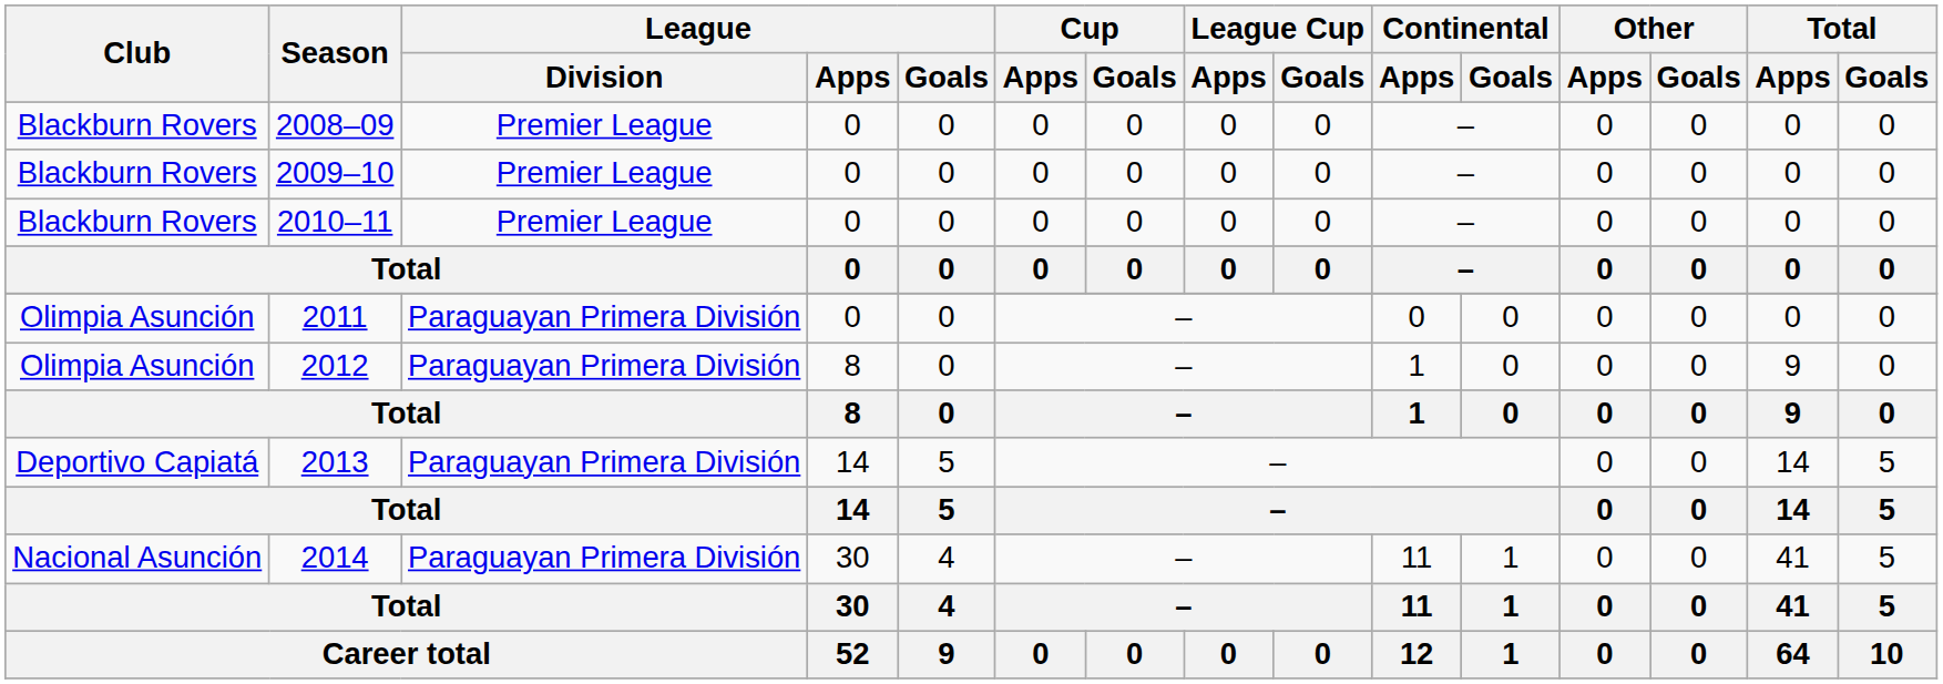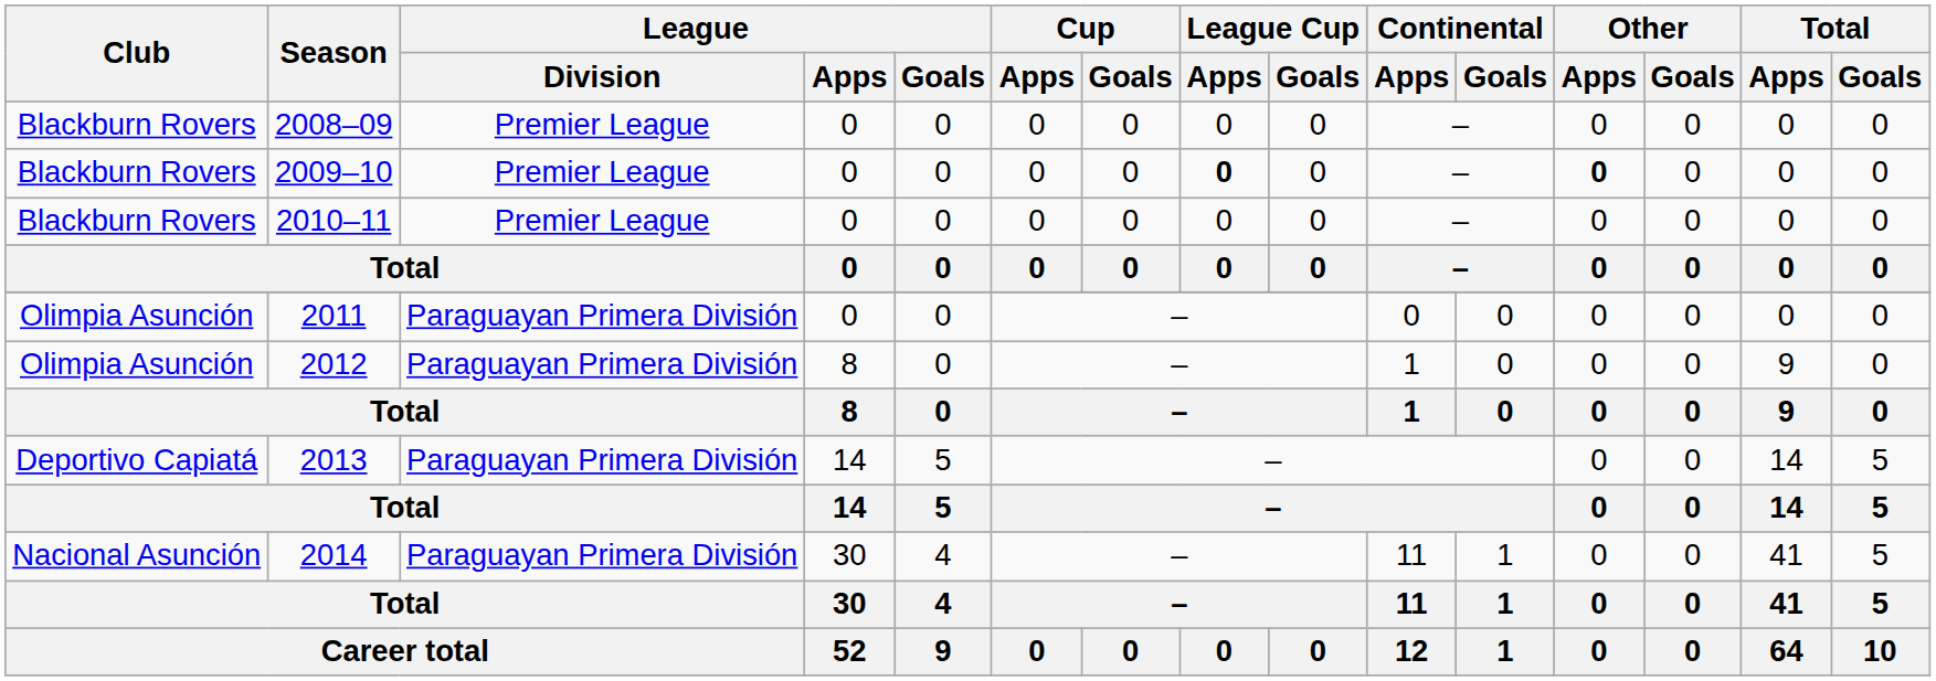 <table class="wikitable" style="text-align: center;">
 <tr>
 <th rowspan="2">Club</th>
 <th rowspan="2">Season</th>
 <th colspan="3">League</th>
 <th colspan="2">Cup</th>
 <th colspan="2">League Cup</th>
 <th colspan="2">Continental</th>
 <th colspan="2">Other</th>
 <th colspan="2">Total</th>
 </tr>
 <tr>
 <th>Division</th>
 <th>Apps</th>
 <th>Goals</th>
 <th>Apps</th>
 <th>Goals</th>
 <th>Apps</th>
 <th>Goals</th>
 <th>Apps</th>
 <th>Goals</th>
 <th>Apps</th>
 <th>Goals</th>
 <th>Apps</th>
 <th>Goals</th>
 </tr>
 <tr>
 <td><a href='#'>Blackburn Rovers</a></td>
 <td><a href='#'>2008–09</a></td>
 <td><a href='#'>Premier League</a></td>
 <td>0</td>
 <td>0</td>
 <td>0</td>
 <td>0</td>
 <td>0</td>
 <td>0</td>
 <td colspan="2">–</td>
 <td>0</td>
 <td>0</td>
 <td>0</td>
 <td>0</td>
 </tr>
 <tr>
 <td><a href='#'>Blackburn Rovers</a></td>
 <td><a href='#'>2009–10</a></td>
 <td><a href='#'>Premier League</a></td>
 <td>0</td>
 <td>0</td>
 <td>0</td>
 <td>0</td>
-<td>0</td>
+<td><strong>0</strong></td>
 <td>0</td>
 <td colspan="2">–</td>
-<td>0</td>
+<td><strong>0</strong></td>
 <td>0</td>
 <td>0</td>
 <td>0</td>
 </tr>
 <tr>
 <td><a href='#'>Blackburn Rovers</a></td>
 <td><a href='#'>2010–11</a></td>
 <td><a href='#'>Premier League</a></td>
 <td>0</td>
 <td>0</td>
 <td>0</td>
 <td>0</td>
 <td>0</td>
 <td>0</td>
 <td colspan="2">–</td>
 <td>0</td>
 <td>0</td>
 <td>0</td>
 <td>0</td>
 </tr>
 <tr>
 <th colspan="3">Total</th>
 <th>0</th>
 <th>0</th>
 <th>0</th>
 <th>0</th>
 <th>0</th>
 <th>0</th>
 <th colspan="2">–</th>
 <th>0</th>
 <th>0</th>
 <th>0</th>
 <th>0</th>
 </tr>
 <tr>
 </tr>
 <tr>
 <td><a href='#'>Olimpia Asunción</a></td>
 <td><a href='#'>2011</a></td>
 <td><a href='#'>Paraguayan Primera División</a></td>
 <td>0</td>
 <td>0</td>
 <td colspan="4">–</td>
 <td>0</td>
 <td>0</td>
 <td>0</td>
 <td>0</td>
 <td>0</td>
 <td>0</td>
 </tr>
 <tr>
 <td><a href='#'>Olimpia Asunción</a></td>
 <td><a href='#'>2012</a></td>
 <td><a href='#'>Paraguayan Primera División</a></td>
 <td>8</td>
 <td>0</td>
 <td colspan="4">–</td>
 <td>1</td>
 <td>0</td>
 <td>0</td>
 <td>0</td>
 <td>9</td>
 <td>0</td>
 </tr>
 <tr>
 <th colspan="3">Total</th>
 <th>8</th>
 <th>0</th>
 <th colspan="4">–</th>
 <th>1</th>
 <th>0</th>
 <th>0</th>
 <th>0</th>
 <th>9</th>
 <th>0</th>
 </tr>
 <tr>
 <td><a href='#'>Deportivo Capiatá</a></td>
 <td><a href='#'>2013</a></td>
 <td><a href='#'>Paraguayan Primera División</a></td>
 <td>14</td>
 <td>5</td>
 <td colspan="6">–</td>
 <td>0</td>
 <td>0</td>
 <td>14</td>
 <td>5</td>
 </tr>
 <tr>
 <th colspan="3">Total</th>
 <th>14</th>
 <th>5</th>
 <th colspan="6">–</th>
 <th>0</th>
 <th>0</th>
 <th>14</th>
 <th>5</th>
 </tr>
 <tr>
 <td><a href='#'>Nacional Asunción</a></td>
 <td><a href='#'>2014</a></td>
 <td><a href='#'>Paraguayan Primera División</a></td>
 <td>30</td>
 <td>4</td>
 <td colspan="4">–</td>
 <td>11</td>
 <td>1</td>
 <td>0</td>
 <td>0</td>
 <td>41</td>
 <td>5</td>
 </tr>
 <tr>
 <th colspan="3">Total</th>
 <th>30</th>
 <th>4</th>
 <th colspan="4">–</th>
 <th>11</th>
 <th>1</th>
 <th>0</th>
 <th>0</th>
 <th>41</th>
 <th>5</th>
 </tr>
 <tr>
 <th colspan="3">Career total</th>
 <th>52</th>
 <th>9</th>
 <th>0</th>
 <th>0</th>
 <th>0</th>
 <th>0</th>
 <th>12</th>
 <th>1</th>
 <th>0</th>
 <th>0</th>
 <th>64</th>
 <th>10</th>
 </tr>
 </table>
